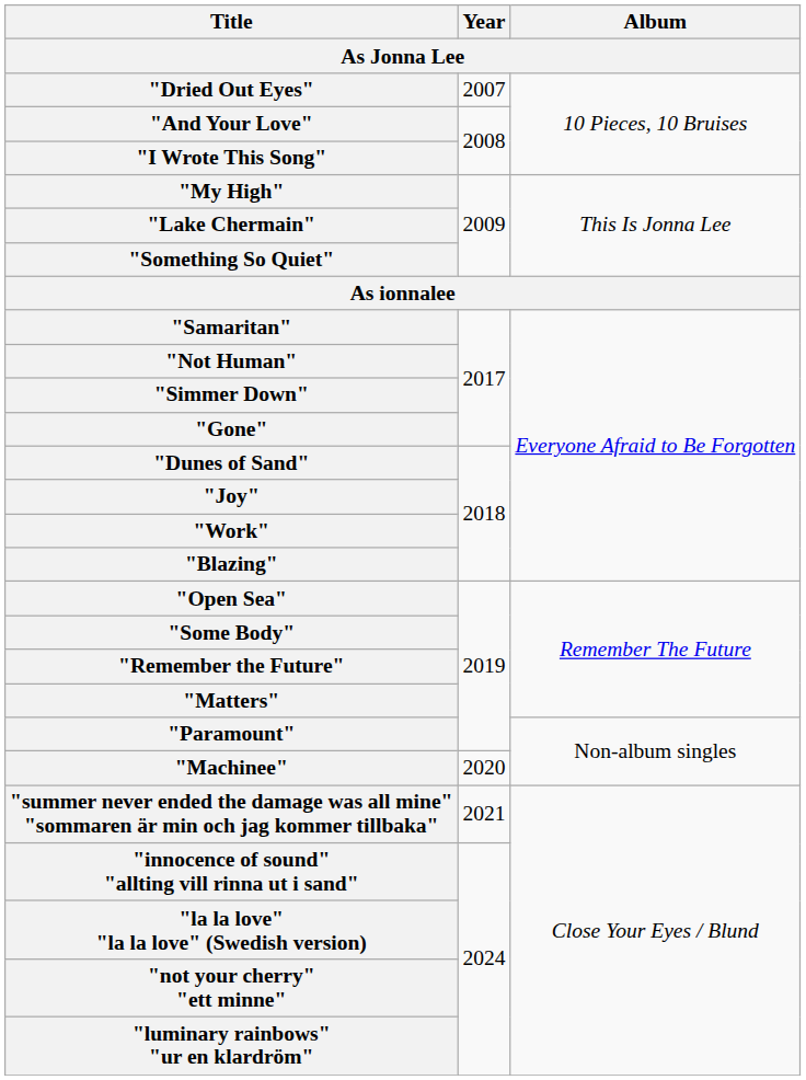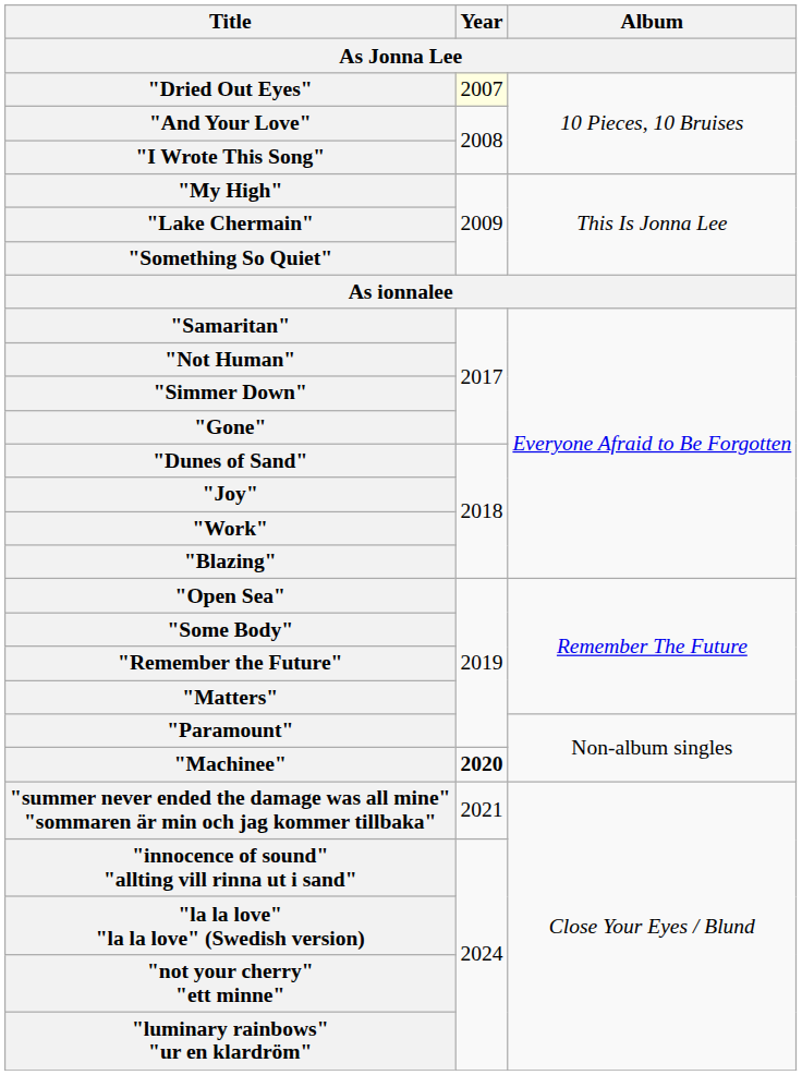 <table class="wikitable plainrowheaders" style="text-align:center">
 <tr>
 <th>Title</th>
 <th>Year</th>
 <th>Album</th>
 </tr>
 <tr>
 <th colspan="3">As Jonna Lee</th>
 </tr>
 <tr>
 <th scope="row">"Dried Out Eyes"</th>
-<td>2007</td>
+<td style="background: lightyellow;">2007</td>
 <td rowspan="3"><em>10 Pieces, 10 Bruises</em></td>
 </tr>
 <tr>
 <th scope="row">"And Your Love" </th>
 <td rowspan="2">2008</td>
 </tr>
 <tr>
 <th scope="row">"I Wrote This Song"</th>
 </tr>
 <tr>
 <th scope="row">"My High"</th>
 <td rowspan="3">2009</td>
 <td rowspan="3"><em>This Is Jonna Lee</em></td>
 </tr>
 <tr>
 <th scope="row">"Lake Chermain"</th>
 </tr>
 <tr>
 <th scope="row">"Something So Quiet"</th>
 </tr>
 <tr>
 <th colspan="3">As ionnalee</th>
 </tr>
 <tr>
 <th scope="row">"Samaritan"</th>
 <td rowspan="4">2017</td>
 <td rowspan="8"><em><a href='#'>Everyone Afraid to Be Forgotten</a></em></td>
 </tr>
 <tr>
 <th scope="row">"Not Human"</th>
 </tr>
 <tr>
 <th scope="row">"Simmer Down"</th>
 </tr>
 <tr>
 <th scope="row">"Gone"</th>
 </tr>
 <tr>
 <th scope="row">"Dunes of Sand" </th>
 <td rowspan="4">2018</td>
 </tr>
 <tr>
 <th scope="row">"Joy"</th>
 </tr>
 <tr>
 <th scope="row">"Work"</th>
 </tr>
 <tr>
 <th scope="row">"Blazing"</th>
 </tr>
 <tr>
 <th scope="row">"Open Sea"</th>
 <td rowspan="5">2019</td>
 <td rowspan="4"><em><a href='#'>Remember The Future</a></em></td>
 </tr>
 <tr>
 <th scope="row">"Some Body"</th>
 </tr>
 <tr>
 <th scope="row">"Remember the Future"</th>
 </tr>
 <tr>
 <th scope="row">"Matters" </th>
 </tr>
 <tr>
 <th scope="row">"Paramount"</th>
 <td rowspan="2">Non-album singles</td>
 </tr>
 <tr>
 <th scope="row">"Machinee"</th>
-<td rowspan="1">2020</td>
+<td rowspan="1"><strong>2020</strong></td>
 </tr>
 <tr>
 <th scope="row">"summer never ended the damage was all mine"<br>"sommaren är min och jag kommer tillbaka"</th>
 <td rowspan="1">2021</td>
 <td rowspan="5"><em>Close Your Eyes / Blund</em></td>
 </tr>
 <tr>
 <th scope="row">"innocence of sound"<br>"allting vill rinna ut i sand"</th>
 <td rowspan="4">2024</td>
 </tr>
 <tr>
 <th scope="row">"la la love"<br>"la la love" (Swedish version)</th>
 </tr>
 <tr>
 <th scope="row">"not your cherry"<br>"ett minne"</th>
 </tr>
 <tr>
 <th scope="row">"luminary rainbows"<br>"ur en klardröm"</th>
 </tr>
 </table>
